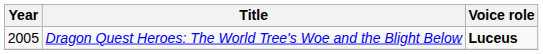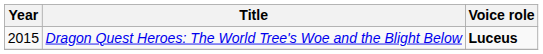 <table class="wikitable sortable">
 <tr>
 <th>Year</th>
 <th>Title</th>
 <th>Voice role</th>
 </tr>
 <tr>
-<td>2005</td>
+<td>2015</td>
 <td><em><a href='#'>Dragon Quest Heroes: The World Tree's Woe and the Blight Below</a></em></td>
 <td><strong>Luceus</strong></td>
 </tr>
 <tr>
 </tr>
 </table>
